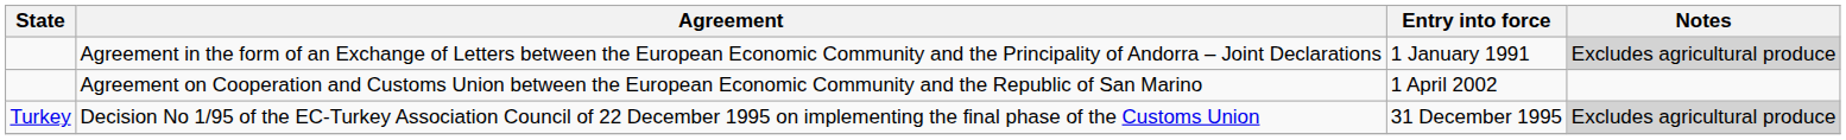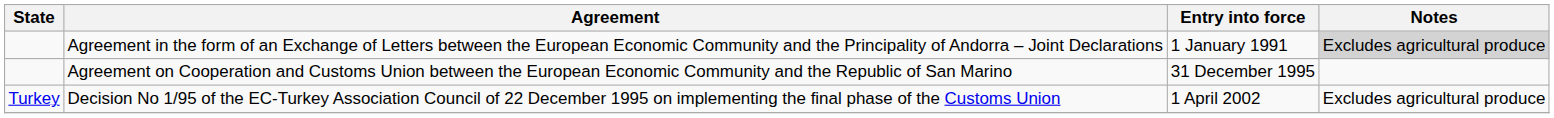 <table class="wikitable">
 <tr>
 <th>State</th>
 <th>Agreement</th>
 <th>Entry into force</th>
 <th>Notes</th>
 </tr>
 <tr>
 <td></td>
 <td>Agreement in the form of an Exchange of Letters between the European Economic Community and the Principality of Andorra – Joint Declarations</td>
 <td>1 January 1991</td>
 <td style="background: lightgrey;">Excludes agricultural produce</td>
 </tr>
 <tr>
 <td></td>
 <td>Agreement on Cooperation and Customs Union between the European Economic Community and the Republic of San Marino</td>
-<td>1 April 2002</td>
+<td>31 December 1995</td>
 <td></td>
 </tr>
 <tr>
 <td> <a href='#'>Turkey</a></td>
 <td>Decision No 1/95 of the EC-Turkey Association Council of 22 December 1995 on implementing the final phase of the <a href='#'>Customs Union</a></td>
-<td>31 December 1995</td>
-<td style="background: lightgrey;">Excludes agricultural produce</td>
+<td>1 April 2002</td>
+<td>Excludes agricultural produce</td>
 </tr>
 <tr>
 </tr>
 </table>
